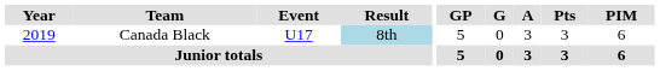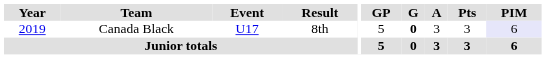 <table border="0" cellpadding="1" cellspacing="0" ID="Table3" style="text-align:center; width:40em">
 <tr ALIGN="center" bgcolor="#e0e0e0">
 <th>Year</th>
 <th>Team</th>
 <th>Event</th>
 <th>Result</th>
 <th rowspan="99" bgcolor="#ffffff"></th>
 <th>GP</th>
 <th>G</th>
 <th>A</th>
 <th>Pts</th>
 <th>PIM</th>
 </tr>
 <tr>
 <td><a href='#'>2019</a></td>
 <td>Canada Black</td>
 <td><a href='#'>U17</a></td>
-<td style="background: lightblue;">8th</td>
+<td>8th</td>
 <td>5</td>
-<td>0</td>
+<td><strong>0</strong></td>
 <td>3</td>
 <td>3</td>
-<td>6</td>
+<td style="background: lavender;">6</td>
 </tr>
 <tr bgcolor="#e0e0e0">
 <th colspan="4">Junior totals</th>
 <th>5</th>
 <th>0</th>
 <th>3</th>
 <th>3</th>
 <th>6</th>
 </tr>
 </table>
